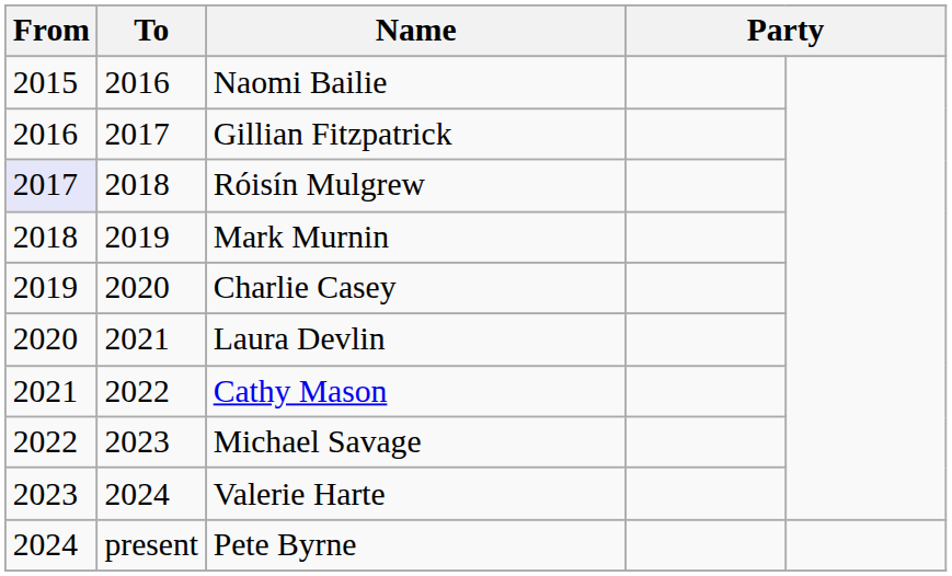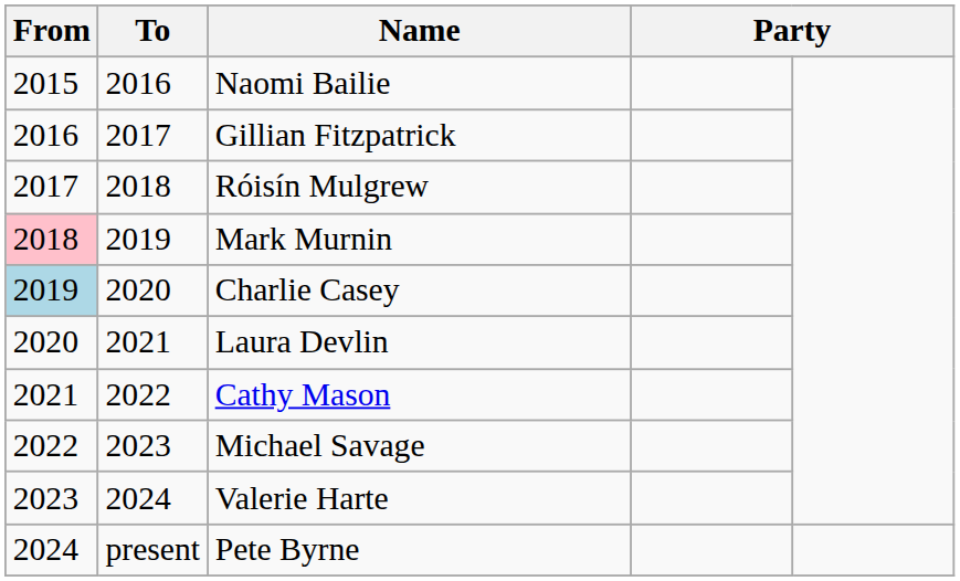 <table class="wikitable sortable">
 <tr>
 <th>From</th>
 <th>To</th>
 <th scope="col" width="200">Name</th>
 <th scope="col" width="150" colspan=2>Party</th>
 </tr>
 <tr>
 <td>2015</td>
 <td>2016</td>
 <td>Naomi Bailie</td>
 <td></td>
 </tr>
 <tr>
 <td>2016</td>
 <td>2017</td>
 <td>Gillian Fitzpatrick</td>
 <td></td>
 </tr>
 <tr>
-<td style="background: lavender;">2017</td>
+<td>2017</td>
 <td>2018</td>
 <td>Róisín Mulgrew</td>
 <td></td>
 </tr>
 <tr>
-<td>2018</td>
+<td style="background: pink;">2018</td>
 <td>2019</td>
 <td>Mark Murnin</td>
 <td></td>
 </tr>
 <tr>
-<td>2019</td>
+<td style="background: lightblue;">2019</td>
 <td>2020</td>
 <td>Charlie Casey</td>
 <td></td>
 </tr>
 <tr>
 <td>2020</td>
 <td>2021</td>
 <td>Laura Devlin</td>
 <td></td>
 </tr>
 <tr>
 <td>2021</td>
 <td>2022</td>
 <td><a href='#'>Cathy Mason</a></td>
 <td></td>
 </tr>
 <tr>
 <td>2022</td>
 <td>2023</td>
 <td>Michael Savage</td>
 <td></td>
 </tr>
 <tr>
 <td>2023</td>
 <td>2024</td>
 <td>Valerie Harte</td>
 <td></td>
 </tr>
 <tr>
 <td>2024</td>
 <td>present</td>
 <td>Pete Byrne</td>
 <td></td>
 <td></td>
 </tr>
 </table>
